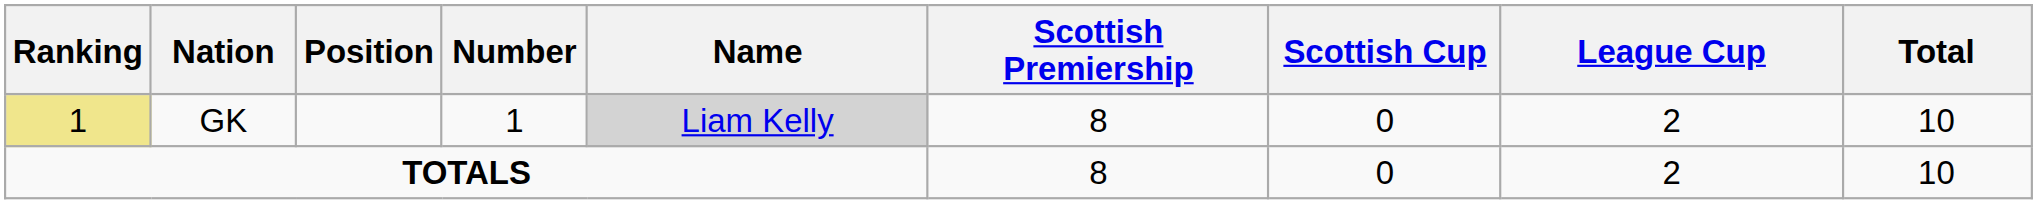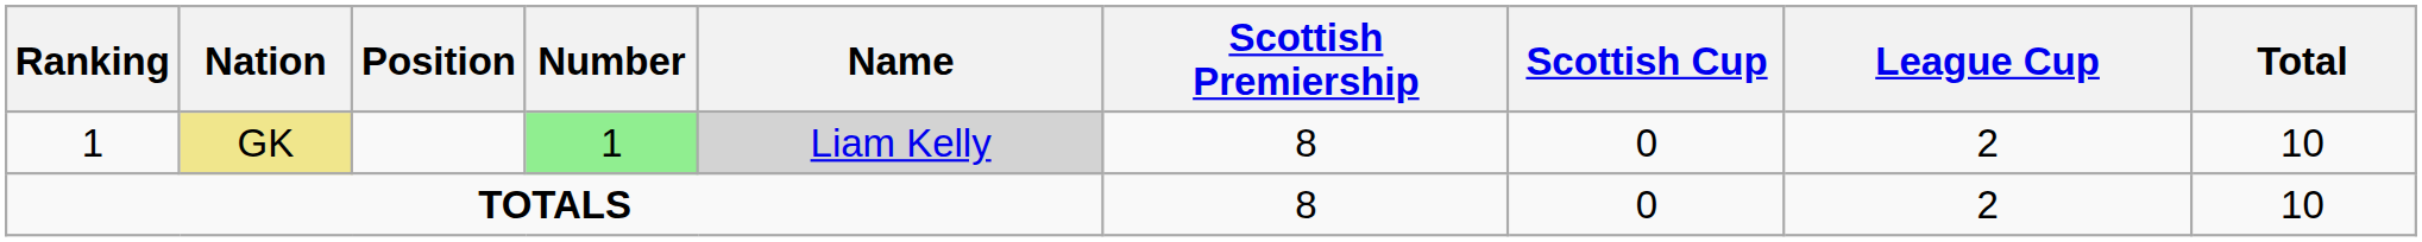 <table class="wikitable" style="font-size: 95%; text-align: center;">
 <tr>
 <th width=60>Ranking</th>
 <th width=60>Nation</th>
 <th width=60>Position</th>
 <th width=60>Number</th>
 <th width=150>Name</th>
 <th width=150><a href='#'>Scottish Premiership</a></th>
 <th width=100><a href='#'>Scottish Cup</a></th>
 <th width=150><a href='#'>League Cup</a></th>
 <th width=80>Total</th>
 </tr>
 <tr>
-<td style="background: khaki;">1</td>
-<td>GK</td>
+<td>1</td>
+<td style="background: khaki;">GK</td>
 <td></td>
-<td>1</td>
+<td style="background: lightgreen;">1</td>
 <td style="background: lightgrey;"><a href='#'>Liam Kelly</a></td>
 <td>8</td>
 <td>0</td>
 <td>2</td>
 <td>10</td>
 </tr>
 <tr>
 <td colspan="5"><strong>TOTALS</strong></td>
 <td>8</td>
 <td>0</td>
 <td>2</td>
 <td>10</td>
 </tr>
 </table>
